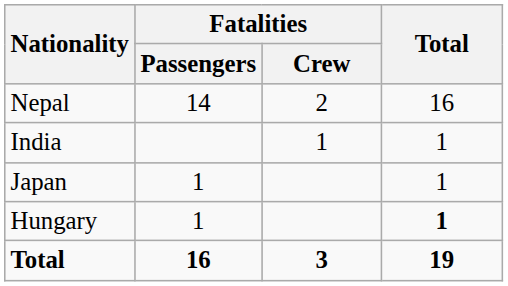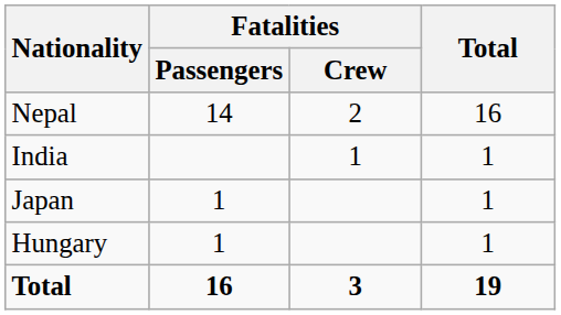 <table class="wikitable">
 <tr>
 <th rowspan=2>Nationality</th>
 <th colspan=2>Fatalities</th>
 <th rowspan="2" style="width:70px;">Total</th>
 </tr>
 <tr>
 <th style="width:70px;">Passengers</th>
 <th style="width:70px;">Crew</th>
 </tr>
 <tr>
 <td>Nepal</td>
 <td style="text-align:center;">14</td>
 <td style="text-align:center;">2</td>
 <td style="text-align:center;">16</td>
 </tr>
 <tr>
 <td>India</td>
 <td></td>
 <td style="text-align:center;">1</td>
 <td style="text-align:center;">1</td>
 </tr>
 <tr>
 <td>Japan</td>
 <td style="text-align:center;">1</td>
 <td></td>
 <td style="text-align:center;">1</td>
 </tr>
 <tr>
 <td>Hungary</td>
 <td style="text-align:center;">1</td>
 <td></td>
-<td style="text-align:center;"><strong>1</strong></td>
+<td style="text-align:center;">1</td>
 </tr>
 <tr>
 <td><strong>Total</strong></td>
 <td style="text-align:center;"><strong>16</strong></td>
 <td style="text-align:center;"><strong>3</strong></td>
 <td style="text-align:center;"><strong>19</strong></td>
 </tr>
 </table>
